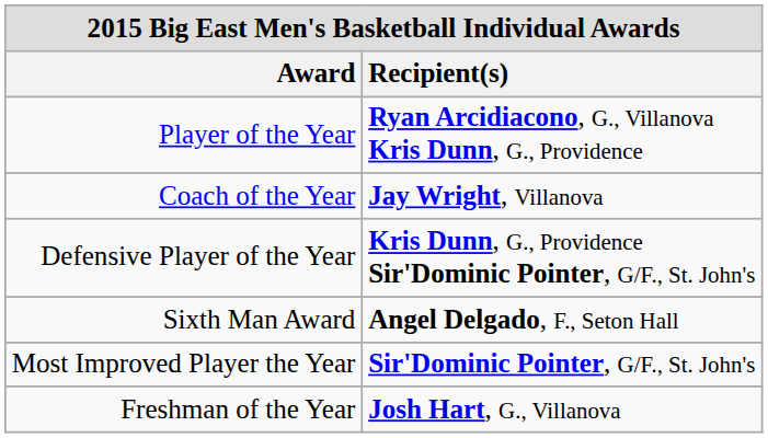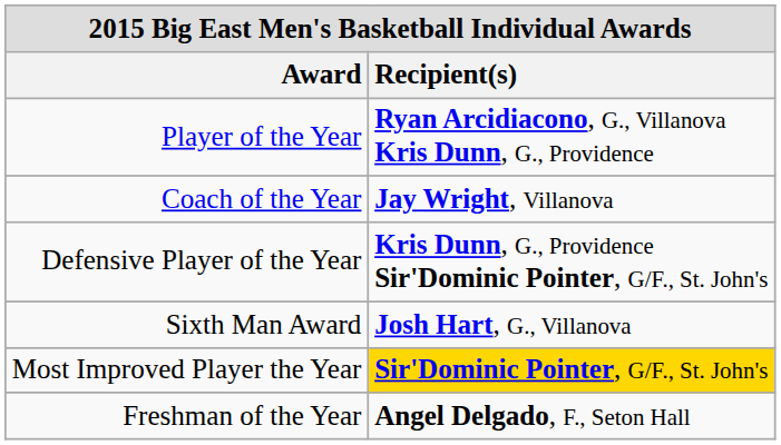 <table class="wikitable" style="white-space:nowrap; font-size:90%;">
 <tr>
 <td colspan="7" style="text-align:center; background:#ddd;"><strong>2015 Big East Men's Basketball Individual Awards</strong></td>
 </tr>
 <tr>
 <th style="text-align:right;">Award</th>
 <th style="text-align:left;">Recipient(s)</th>
 </tr>
 <tr>
 <td style="text-align:right;"><a href='#'>Player of the Year</a></td>
 <td style="text-align:left;"><strong><a href='#'>Ryan Arcidiacono</a></strong>, <small>G., Villanova</small><br><strong><a href='#'>Kris Dunn</a></strong>, <small>G., Providence</small><br></td>
 </tr>
 <tr>
 <td style="text-align:right;"><a href='#'>Coach of the Year</a></td>
 <td style="text-align:left;"><strong><a href='#'>Jay Wright</a></strong>, <small>Villanova</small><br></td>
 </tr>
 <tr>
 <td style="text-align:right;">Defensive Player of the Year</td>
 <td style="text-align:left;"><strong><a href='#'>Kris Dunn</a></strong>, <small>G., Providence</small><br><strong>Sir'Dominic Pointer</strong>, <small>G/F., St. John's</small><br></td>
 </tr>
 <tr>
 <td style="text-align:right;">Sixth Man Award</td>
-<td style="text-align:left;"><strong>Angel Delgado</strong>, <small>F., Seton Hall</small><br></td>
+<td style="text-align:left;"><strong><a href='#'>Josh Hart</a></strong>, <small>G., Villanova</small><br></td>
 </tr>
 <tr>
 <td style="text-align:right;">Most Improved Player the Year</td>
-<td style="text-align:left;"><strong><a href='#'>Sir'Dominic Pointer</a></strong>, <small>G/F., St. John's</small><br></td>
+<td style="background: gold; text-align:left;"><strong><a href='#'>Sir'Dominic Pointer</a></strong>, <small>G/F., St. John's</small><br></td>
 </tr>
 <tr>
 <td style="text-align:right;">Freshman of the Year</td>
-<td style="text-align:left;"><strong><a href='#'>Josh Hart</a></strong>, <small>G., Villanova</small><br></td>
+<td style="text-align:left;"><strong>Angel Delgado</strong>, <small>F., Seton Hall</small><br></td>
 </tr>
 </table>
